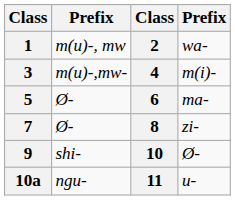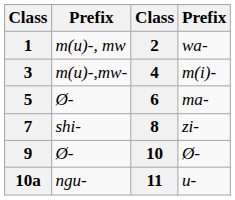 <table class="wikitable">
 <tr>
 <th>Class</th>
 <th>Prefix</th>
 <th>Class</th>
 <th>Prefix</th>
 </tr>
 <tr>
 <th>1</th>
 <td><em>m(u)-, mw</em></td>
 <th>2</th>
 <td><em>wa-</em></td>
 </tr>
 <tr>
 <th>3</th>
 <td><em>m(u)-,mw-</em></td>
 <th>4</th>
 <td><em>m(i)-</em></td>
 </tr>
 <tr>
 <th>5</th>
 <td><em>Ø-</em></td>
 <th>6</th>
 <td><em>ma-</em></td>
 </tr>
 <tr>
 <th>7</th>
-<td><em>Ø-</em></td>
+<td><em>shi-</em></td>
 <th>8</th>
 <td><em>zi-</em></td>
 </tr>
 <tr>
 <th>9</th>
-<td><em>shi-</em></td>
+<td><em>Ø-</em></td>
 <th>10</th>
 <td><em>Ø-</em></td>
 </tr>
 <tr>
 <th>10a</th>
 <td><em>ngu-</em></td>
 <th>11</th>
 <td><em>u-</em></td>
 </tr>
 </table>
